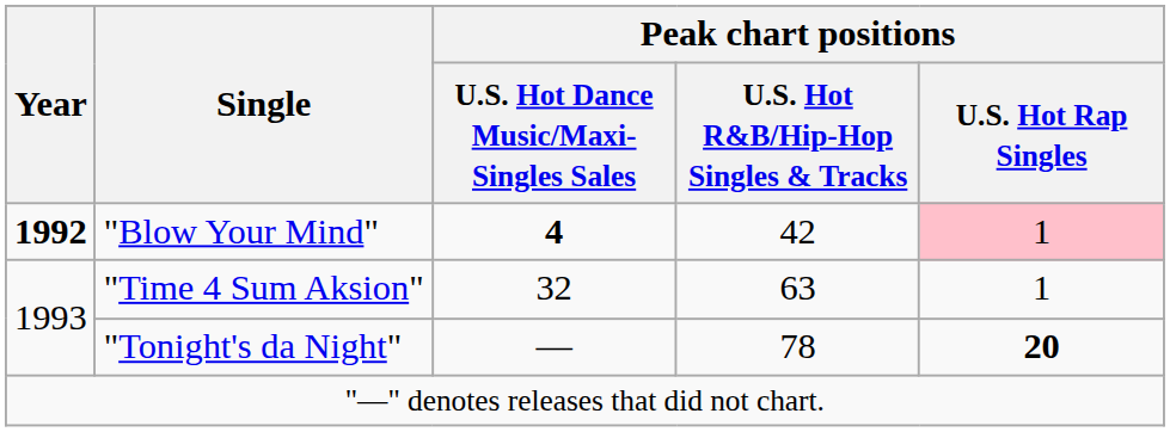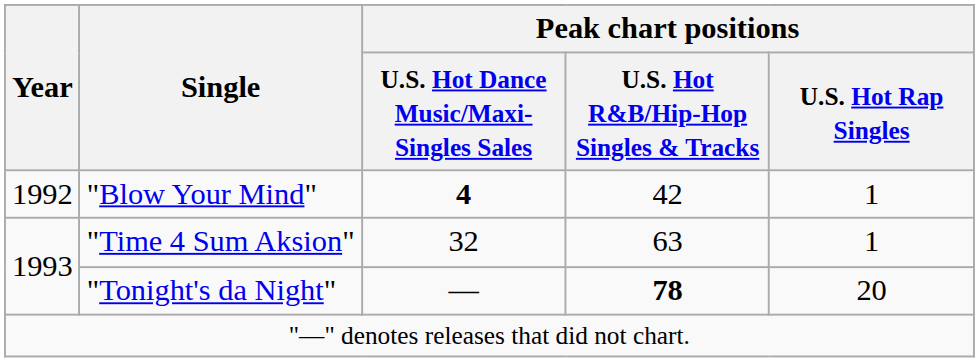 <table class="wikitable">
 <tr>
 <th rowspan="2">Year</th>
 <th rowspan="2">Single</th>
 <th colspan="3">Peak chart positions</th>
 </tr>
 <tr>
 <th style="width:100px;"><small>U.S. <a href='#'>Hot Dance Music/Maxi-Singles Sales</a></small></th>
 <th style="width:100px;"><small>U.S. <a href='#'>Hot R&B/Hip-Hop Singles & Tracks</a></small></th>
 <th style="width:100px;"><small>U.S. <a href='#'>Hot Rap Singles</a></small></th>
 </tr>
 <tr>
-<td style="text-align:center;"><strong>1992</strong></td>
+<td style="text-align:center;">1992</td>
 <td align="left">"<a href='#'>Blow Your Mind</a>"</td>
 <td style="text-align:center;"><strong>4</strong></td>
 <td style="text-align:center;">42</td>
-<td style="background: pink; text-align:center;">1</td>
+<td style="text-align:center;">1</td>
 </tr>
 <tr>
 <td style="text-align:center;" rowspan="2">1993</td>
 <td align="left">"<a href='#'>Time 4 Sum Aksion</a>"</td>
 <td style="text-align:center;">32</td>
 <td style="text-align:center;">63</td>
 <td style="text-align:center;">1</td>
 </tr>
 <tr>
 <td align="left">"<a href='#'>Tonight's da Night</a>"</td>
 <td style="text-align:center;">—</td>
-<td style="text-align:center;">78</td>
-<td style="text-align:center;"><strong>20</strong></td>
+<td style="text-align:center;"><strong>78</strong></td>
+<td style="text-align:center;">20</td>
 </tr>
 <tr>
 <td colspan="5" style="text-align:center; font-size:10pt;">"—" denotes releases that did not chart.</td>
 </tr>
 </table>
